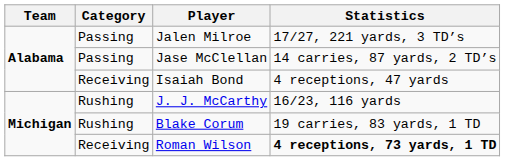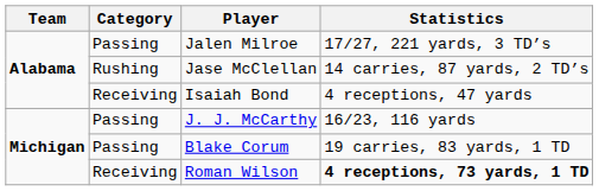 <table class="wikitable" style="float: right;">
 <tr>
 <th>Team</th>
 <th>Category</th>
 <th>Player</th>
 <th>Statistics</th>
 </tr>
 <tr>
 <td rowspan=3><strong>Alabama</strong></td>
 <td>Passing</td>
 <td>Jalen Milroe</td>
 <td>17/27, 221 yards, 3 TD’s</td>
 </tr>
 <tr>
-<td>Passing</td>
+<td>Rushing</td>
 <td>Jase McClellan</td>
 <td>14 carries, 87 yards, 2 TD’s</td>
 </tr>
 <tr>
 <td>Receiving</td>
 <td>Isaiah Bond</td>
 <td>4 receptions, 47 yards</td>
 </tr>
 <tr>
 <td rowspan=3><strong>Michigan</strong></td>
-<td>Rushing</td>
+<td>Passing</td>
 <td><a href='#'>J. J. McCarthy</a></td>
 <td>16/23, 116 yards</td>
 </tr>
 <tr>
-<td>Rushing</td>
+<td>Passing</td>
 <td><a href='#'>Blake Corum</a></td>
 <td>19 carries, 83 yards, 1 TD</td>
 </tr>
 <tr>
 <td>Receiving</td>
 <td><a href='#'>Roman Wilson</a></td>
 <td><strong>4 receptions, 73 yards, 1 TD</strong></td>
 </tr>
 </table>
